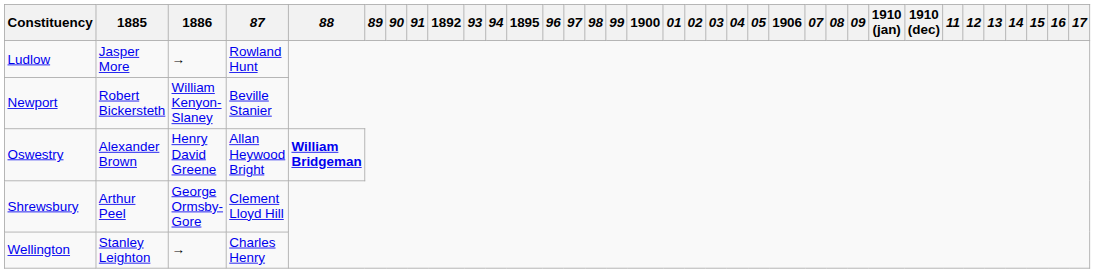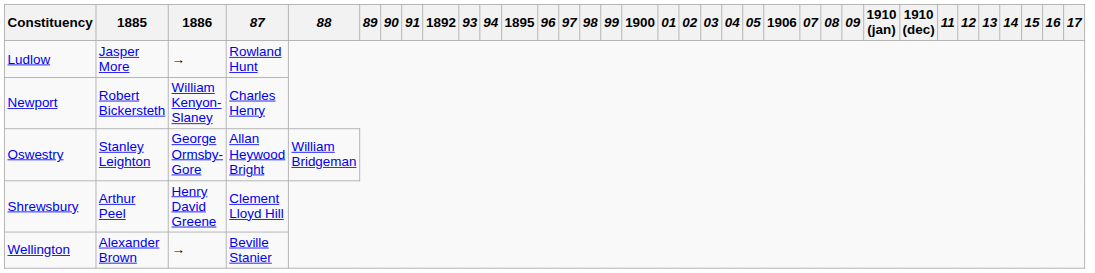 <table class="wikitable">
 <tr>
 <th>Constituency</th>
 <th>1885</th>
 <th>1886</th>
 <th><em>87</em></th>
 <th><em>88</em></th>
 <th><em>89</em></th>
 <th><em>90</em></th>
 <th><em>91</em></th>
 <th>1892</th>
 <th><em>93</em></th>
 <th><em>94</em></th>
 <th>1895</th>
 <th><em>96</em></th>
 <th><em>97</em></th>
 <th><em>98</em></th>
 <th><em>99</em></th>
 <th>1900</th>
 <th><em>01</em></th>
 <th><em>02</em></th>
 <th><em>03</em></th>
 <th><em>04</em></th>
 <th><em>05</em></th>
 <th>1906</th>
 <th><em>07</em></th>
 <th><em>08</em></th>
 <th><em>09</em></th>
 <th>1910 (jan)</th>
 <th>1910 (dec)</th>
 <th><em>11</em></th>
 <th><em>12</em></th>
 <th><em>13</em></th>
 <th><em>14</em></th>
 <th><em>15</em></th>
 <th><em>16</em></th>
 <th><em>17</em></th>
 </tr>
 <tr>
 <td><a href='#'>Ludlow</a></td>
 <td><a href='#'>Jasper More</a></td>
 <td>→</td>
 <td><a href='#'>Rowland Hunt</a></td>
 </tr>
 <tr>
 <td><a href='#'>Newport</a></td>
 <td><a href='#'>Robert Bickersteth</a></td>
 <td><a href='#'>William Kenyon-Slaney</a></td>
-<td><a href='#'>Beville Stanier</a></td>
+<td><a href='#'>Charles Henry</a></td>
 </tr>
 <tr>
 <td><a href='#'>Oswestry</a></td>
-<td><a href='#'>Alexander Brown</a></td>
-<td><a href='#'>Henry David Greene</a></td>
+<td><a href='#'>Stanley Leighton</a></td>
+<td><a href='#'>George Ormsby-Gore</a></td>
 <td><a href='#'>Allan Heywood Bright</a></td>
-<td><strong><a href='#'>William Bridgeman</a></strong></td>
+<td><a href='#'>William Bridgeman</a></td>
 </tr>
 <tr>
 <td><a href='#'>Shrewsbury</a></td>
 <td><a href='#'>Arthur Peel</a></td>
-<td><a href='#'>George Ormsby-Gore</a></td>
+<td><a href='#'>Henry David Greene</a></td>
 <td><a href='#'>Clement Lloyd Hill</a></td>
 </tr>
 <tr>
 <td><a href='#'>Wellington</a></td>
-<td><a href='#'>Stanley Leighton</a></td>
+<td><a href='#'>Alexander Brown</a></td>
 <td>→</td>
-<td><a href='#'>Charles Henry</a></td>
+<td><a href='#'>Beville Stanier</a></td>
 </tr>
 </table>
